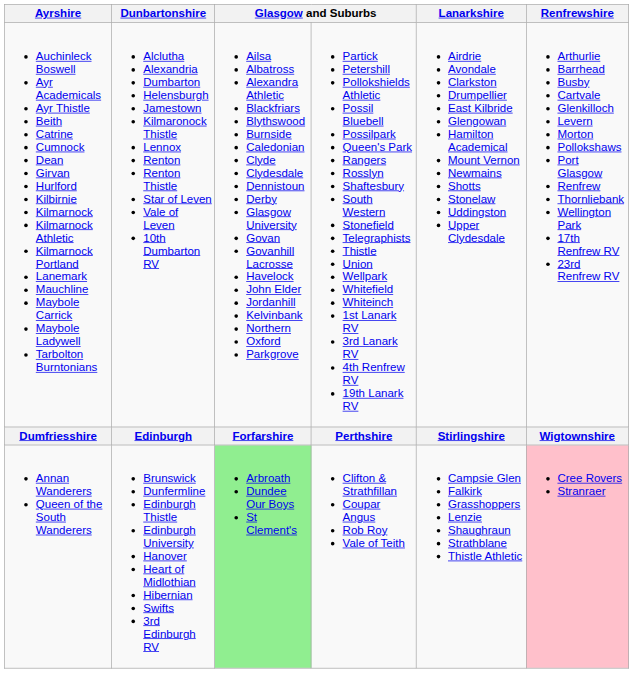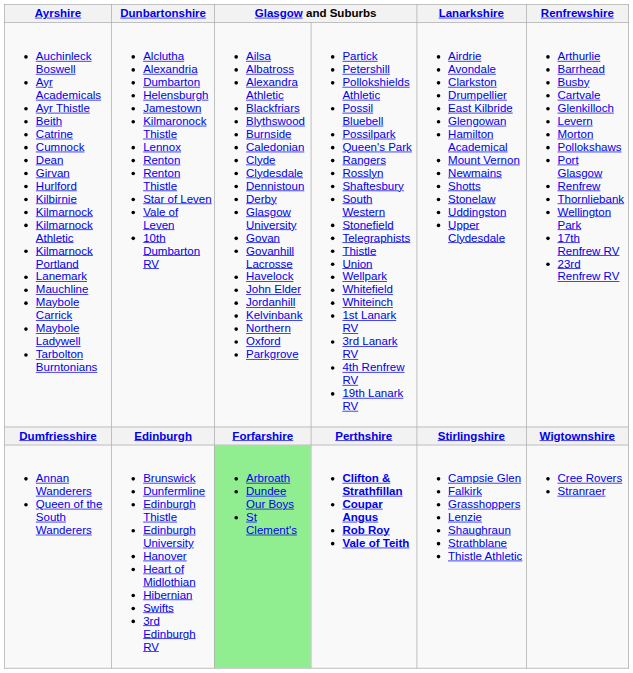 <table class="wikitable" style="text-align:left">
 <tr>
 <th><a href='#'>Ayrshire</a></th>
 <th><a href='#'>Dunbartonshire</a></th>
 <th colspan=2><a href='#'>Glasgow</a> and Suburbs</th>
 <th><a href='#'>Lanarkshire</a></th>
 <th><a href='#'>Renfrewshire</a></th>
 </tr>
 <tr>
 <td valign=top><br><ul><li><a href='#'>Auchinleck Boswell</a></li><li><a href='#'>Ayr Academicals</a></li><li><a href='#'>Ayr Thistle</a></li><li><a href='#'>Beith</a></li><li><a href='#'>Catrine</a></li><li><a href='#'>Cumnock</a></li><li><a href='#'>Dean</a></li><li><a href='#'>Girvan</a></li><li><a href='#'>Hurlford</a></li><li><a href='#'>Kilbirnie</a></li><li><a href='#'>Kilmarnock</a></li><li><a href='#'>Kilmarnock Athletic</a></li><li><a href='#'>Kilmarnock Portland</a></li><li><a href='#'>Lanemark</a></li><li><a href='#'>Mauchline</a></li><li><a href='#'>Maybole Carrick</a></li><li><a href='#'>Maybole Ladywell</a></li><li><a href='#'>Tarbolton Burntonians</a></li></ul></td>
 <td valign=top><br><ul><li><a href='#'>Alclutha</a></li><li><a href='#'>Alexandria</a></li><li><a href='#'>Dumbarton</a></li><li><a href='#'>Helensburgh</a></li><li><a href='#'>Jamestown</a></li><li><a href='#'>Kilmaronock Thistle</a></li><li><a href='#'>Lennox</a></li><li><a href='#'>Renton</a></li><li><a href='#'>Renton Thistle</a></li><li><a href='#'>Star of Leven</a></li><li><a href='#'>Vale of Leven</a></li><li><a href='#'>10th Dumbarton RV</a></li></ul></td>
 <td valign=top><br><ul><li><a href='#'>Ailsa</a></li><li><a href='#'>Albatross</a></li><li><a href='#'>Alexandra Athletic</a></li><li><a href='#'>Blackfriars</a></li><li><a href='#'>Blythswood</a></li><li><a href='#'>Burnside</a></li><li><a href='#'>Caledonian</a></li><li><a href='#'>Clyde</a></li><li><a href='#'>Clydesdale</a></li><li><a href='#'>Dennistoun</a></li><li><a href='#'>Derby</a></li><li><a href='#'>Glasgow University</a></li><li><a href='#'>Govan</a></li><li><a href='#'>Govanhill Lacrosse</a></li><li><a href='#'>Havelock</a></li><li><a href='#'>John Elder</a></li><li><a href='#'>Jordanhill</a></li><li><a href='#'>Kelvinbank</a></li><li><a href='#'>Northern</a></li><li><a href='#'>Oxford</a></li><li><a href='#'>Parkgrove</a></li></ul></td>
 <td valign=top><br><ul><li><a href='#'>Partick</a></li><li><a href='#'>Petershill</a></li><li><a href='#'>Pollokshields Athletic</a></li><li><a href='#'>Possil Bluebell</a></li><li><a href='#'>Possilpark</a></li><li><a href='#'>Queen's Park</a></li><li><a href='#'>Rangers</a></li><li><a href='#'>Rosslyn</a></li><li><a href='#'>Shaftesbury</a></li><li><a href='#'>South Western</a></li><li><a href='#'>Stonefield</a></li><li><a href='#'>Telegraphists</a></li><li><a href='#'>Thistle</a></li><li><a href='#'>Union</a></li><li><a href='#'>Wellpark</a></li><li><a href='#'>Whitefield</a></li><li><a href='#'>Whiteinch</a></li><li><a href='#'>1st Lanark RV</a></li><li><a href='#'>3rd Lanark RV</a></li><li><a href='#'>4th Renfrew RV</a></li><li><a href='#'>19th Lanark RV</a></li></ul></td>
 <td valign=top><br><ul><li><a href='#'>Airdrie</a></li><li><a href='#'>Avondale</a></li><li><a href='#'>Clarkston</a></li><li><a href='#'>Drumpellier</a></li><li><a href='#'>East Kilbride</a></li><li><a href='#'>Glengowan</a></li><li><a href='#'>Hamilton Academical</a></li><li><a href='#'>Mount Vernon</a></li><li><a href='#'>Newmains</a></li><li><a href='#'>Shotts</a></li><li><a href='#'>Stonelaw</a></li><li><a href='#'>Uddingston</a></li><li><a href='#'>Upper Clydesdale</a></li></ul></td>
 <td valign=top><br><ul><li><a href='#'>Arthurlie</a></li><li><a href='#'>Barrhead</a></li><li><a href='#'>Busby</a></li><li><a href='#'>Cartvale</a></li><li><a href='#'>Glenkilloch</a></li><li><a href='#'>Levern</a></li><li><a href='#'>Morton</a></li><li><a href='#'>Pollokshaws</a></li><li><a href='#'>Port Glasgow</a></li><li><a href='#'>Renfrew</a></li><li><a href='#'>Thornliebank</a></li><li><a href='#'>Wellington Park</a></li><li><a href='#'>17th Renfrew RV</a></li><li><a href='#'>23rd Renfrew RV</a></li></ul></td>
 </tr>
 <tr>
 <th><a href='#'>Dumfriesshire</a></th>
 <th><a href='#'>Edinburgh</a></th>
 <th><a href='#'>Forfarshire</a></th>
 <th><a href='#'>Perthshire</a></th>
 <th><a href='#'>Stirlingshire</a></th>
 <th><a href='#'>Wigtownshire</a></th>
 </tr>
 <tr>
 <td valign=top><br><ul><li><a href='#'>Annan Wanderers</a></li><li><a href='#'>Queen of the South Wanderers</a></li></ul></td>
 <td valign=top><br><ul><li><a href='#'>Brunswick</a></li><li><a href='#'>Dunfermline</a></li><li><a href='#'>Edinburgh Thistle</a></li><li><a href='#'>Edinburgh University</a></li><li><a href='#'>Hanover</a></li><li><a href='#'>Heart of Midlothian</a></li><li><a href='#'>Hibernian</a></li><li><a href='#'>Swifts</a></li><li><a href='#'>3rd Edinburgh RV</a></li></ul></td>
 <td valign=top style="background: lightgreen;"><br><ul><li><a href='#'>Arbroath</a></li><li><a href='#'>Dundee Our Boys</a></li><li><a href='#'>St Clement's</a></li></ul></td>
-<td valign=top><br><ul><li><a href='#'>Clifton & Strathfillan</a></li><li><a href='#'>Coupar Angus</a></li><li><a href='#'>Rob Roy</a></li><li><a href='#'>Vale of Teith</a></li></ul></td>
+<td valign=top><strong><br><ul><li><a href='#'>Clifton & Strathfillan</a></li><li><a href='#'>Coupar Angus</a></li><li><a href='#'>Rob Roy</a></li><li><a href='#'>Vale of Teith</a></li></ul></strong></td>
 <td valign=top><br><ul><li><a href='#'>Campsie Glen</a></li><li><a href='#'>Falkirk</a></li><li><a href='#'>Grasshoppers</a></li><li><a href='#'>Lenzie</a></li><li><a href='#'>Shaughraun</a></li><li><a href='#'>Strathblane</a></li><li><a href='#'>Thistle Athletic</a></li></ul></td>
-<td valign=top style="background: pink;"><br><ul><li><a href='#'>Cree Rovers</a></li><li><a href='#'>Stranraer</a></li></ul></td>
+<td valign=top><br><ul><li><a href='#'>Cree Rovers</a></li><li><a href='#'>Stranraer</a></li></ul></td>
 </tr>
 </table>
